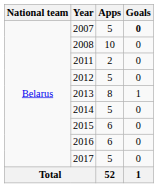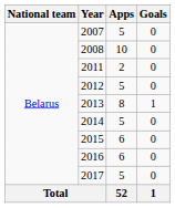 <table class="wikitable" style="text-align:center">
 <tr>
 <th>National team</th>
 <th>Year</th>
 <th>Apps</th>
 <th>Goals</th>
 </tr>
 <tr>
 <td rowspan="9"><a href='#'>Belarus</a></td>
 <td>2007</td>
 <td>5</td>
-<td><strong>0</strong></td>
+<td>0</td>
 </tr>
 <tr>
 <td>2008</td>
 <td>10</td>
 <td>0</td>
 </tr>
 <tr>
 <td>2011</td>
 <td>2</td>
 <td>0</td>
 </tr>
 <tr>
 <td>2012</td>
 <td>5</td>
 <td>0</td>
 </tr>
 <tr>
 <td>2013</td>
 <td>8</td>
 <td>1</td>
 </tr>
 <tr>
 <td>2014</td>
 <td>5</td>
 <td>0</td>
 </tr>
 <tr>
 <td>2015</td>
 <td>6</td>
 <td>0</td>
 </tr>
 <tr>
 <td>2016</td>
 <td>6</td>
 <td>0</td>
 </tr>
 <tr>
 <td>2017</td>
 <td>5</td>
 <td>0</td>
 </tr>
 <tr>
 <th colspan="2">Total</th>
 <th>52</th>
 <th>1</th>
 </tr>
 </table>
